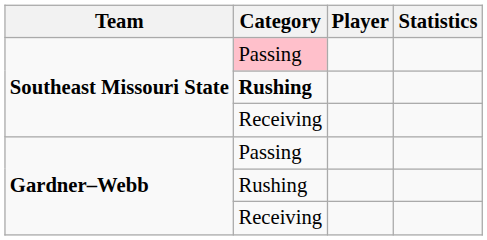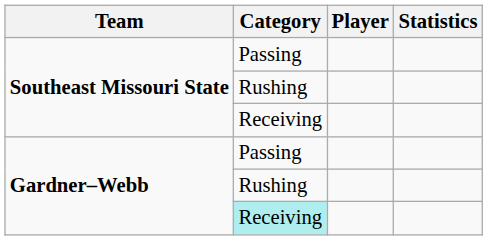 <table class="wikitable" style="float: right;">
 <tr>
 <th>Team</th>
 <th>Category</th>
 <th>Player</th>
 <th>Statistics</th>
 </tr>
 <tr>
 <td rowspan=3><strong>Southeast Missouri State</strong></td>
-<td style="background: pink;">Passing</td>
+<td>Passing</td>
 <td></td>
 <td></td>
 </tr>
 <tr>
-<td><strong>Rushing</strong></td>
+<td>Rushing</td>
 <td></td>
 <td></td>
 </tr>
 <tr>
 <td>Receiving</td>
 <td></td>
 <td></td>
 </tr>
 <tr>
 <td rowspan=3><strong>Gardner–Webb</strong></td>
 <td>Passing</td>
 <td></td>
 <td></td>
 </tr>
 <tr>
 <td>Rushing</td>
 <td></td>
 <td></td>
 </tr>
 <tr>
-<td>Receiving</td>
+<td style="background: paleturquoise;">Receiving</td>
 <td></td>
 <td></td>
 </tr>
 </table>
